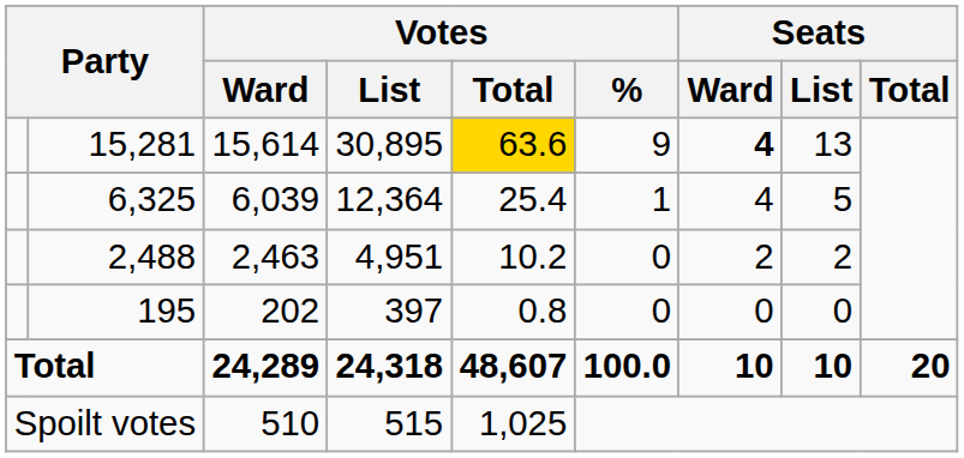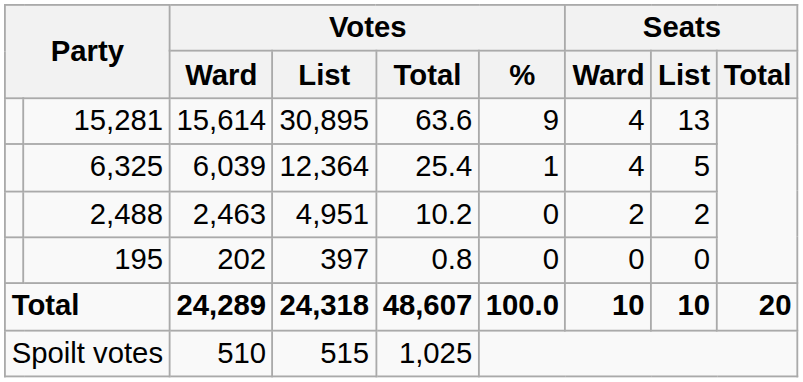 <table class=wikitable style="text-align:right">
 <tr>
 <th rowspan="2" colspan="2">Party</th>
 <th colspan="4" align="center">Votes</th>
 <th colspan="3" align="center">Seats</th>
 </tr>
 <tr>
 <th>Ward</th>
 <th>List</th>
 <th>Total</th>
 <th>%</th>
 <th>Ward</th>
 <th>List</th>
 <th>Total</th>
 </tr>
 <tr>
 <td></td>
 <td>15,281</td>
 <td>15,614</td>
 <td>30,895</td>
-<td style="background: gold;">63.6</td>
+<td>63.6</td>
 <td>9</td>
-<td><strong>4</strong></td>
+<td>4</td>
 <td>13</td>
 </tr>
 <tr>
 <td></td>
 <td>6,325</td>
 <td>6,039</td>
 <td>12,364</td>
 <td>25.4</td>
 <td>1</td>
 <td>4</td>
 <td>5</td>
 </tr>
 <tr>
 <td></td>
 <td>2,488</td>
 <td>2,463</td>
 <td>4,951</td>
 <td>10.2</td>
 <td>0</td>
 <td>2</td>
 <td>2</td>
 </tr>
 <tr>
 <td></td>
 <td>195</td>
 <td>202</td>
 <td>397</td>
 <td>0.8</td>
 <td>0</td>
 <td>0</td>
 <td>0</td>
 </tr>
 <tr>
 <td colspan="2" style="text-align:left"><strong>Total</strong></td>
 <td><strong>24,289</strong></td>
 <td><strong>24,318</strong></td>
 <td><strong>48,607</strong></td>
 <td><strong>100.0</strong></td>
 <td><strong>10</strong></td>
 <td><strong>10</strong></td>
 <td><strong>20</strong></td>
 </tr>
 <tr>
 <td colspan="2" style="text-align:left">Spoilt votes</td>
 <td>510</td>
 <td>515</td>
 <td>1,025</td>
 </tr>
 </table>
